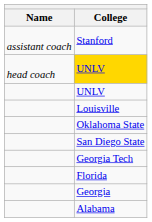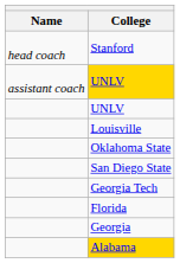 <table class="wikitable sortable">
 <tr>
 <th colspan=2></th>
 </tr>
 <tr>
 <th>Name</th>
 <th>College</th>
 </tr>
 <tr>
-<td><br><em>assistant coach</em></td>
+<td><br><em>head coach</em></td>
 <td><a href='#'>Stanford</a></td>
 </tr>
 <tr>
-<td><br><em>head coach</em></td>
+<td><br><em>assistant coach</em></td>
 <td style="background: gold;"><a href='#'>UNLV</a></td>
 </tr>
 <tr>
 <td></td>
 <td><a href='#'>UNLV</a></td>
 </tr>
 <tr>
 <td></td>
 <td><a href='#'>Louisville</a></td>
 </tr>
 <tr>
 <td></td>
 <td><a href='#'>Oklahoma State</a></td>
 </tr>
 <tr>
 <td></td>
 <td><a href='#'>San Diego State</a></td>
 </tr>
 <tr>
 <td></td>
 <td><a href='#'>Georgia Tech</a></td>
 </tr>
 <tr>
 <td></td>
 <td><a href='#'>Florida</a></td>
 </tr>
 <tr>
 <td></td>
 <td><a href='#'>Georgia</a></td>
 </tr>
 <tr>
 <td></td>
-<td><a href='#'>Alabama</a></td>
+<td style="background: gold;"><a href='#'>Alabama</a></td>
 </tr>
 </table>
